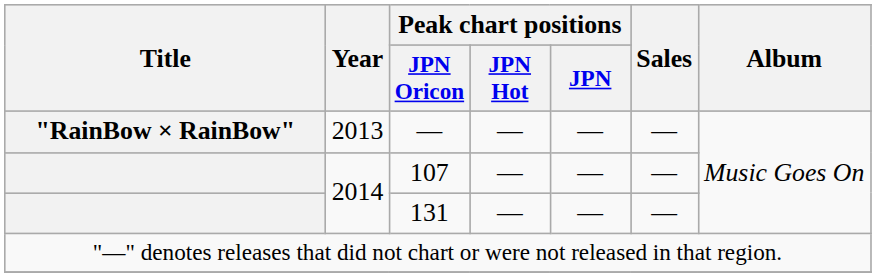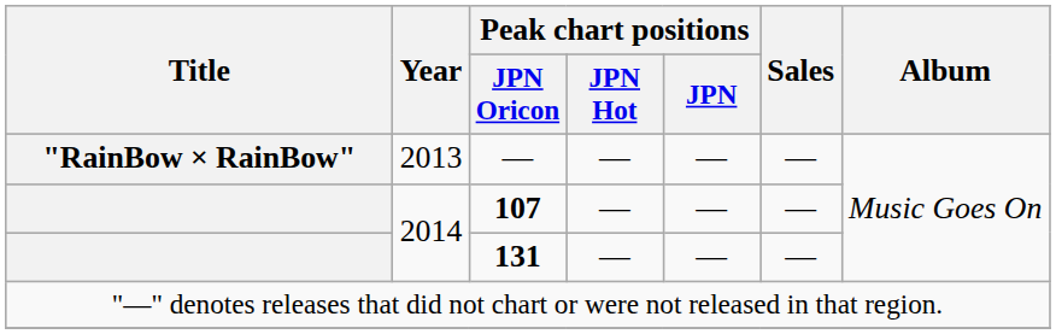 <table class="wikitable plainrowheaders" style="text-align:center;">
 <tr>
 <th scope="col" rowspan="2" style="width:12em;">Title</th>
 <th scope="col" rowspan="2">Year</th>
 <th scope="col" colspan="3">Peak chart positions</th>
 <th scope="col" rowspan="2">Sales</th>
 <th scope="col" rowspan="2">Album</th>
 </tr>
 <tr>
 <th scope="col" style="width:3em;font-size:90%;"><a href='#'>JPN<br>Oricon</a></th>
 <th scope="col" style="width:3em;font-size:90%;"><a href='#'>JPN<br>Hot</a></th>
 <th scope="col" style="width:3em;font-size:90%;"><a href='#'>JPN<br></a></th>
 </tr>
 <tr>
 <th scope="row">"RainBow × RainBow"</th>
 <td>2013</td>
 <td>—</td>
 <td>—</td>
 <td>—</td>
 <td>—</td>
 <td rowspan="3"><em>Music Goes On</em></td>
 </tr>
 <tr>
 <th scope="row"></th>
 <td rowspan="2">2014</td>
-<td>107</td>
+<td><strong>107</strong></td>
 <td>—</td>
 <td>—</td>
 <td>—</td>
 </tr>
 <tr>
 <th scope="row"></th>
-<td>131</td>
+<td><strong>131</strong></td>
 <td>—</td>
 <td>—</td>
 <td>—</td>
 </tr>
 <tr>
 <td colspan="7" style="font-size:90%;">"—" denotes releases that did not chart or were not released in that region.</td>
 </tr>
 <tr>
 </tr>
 </table>
